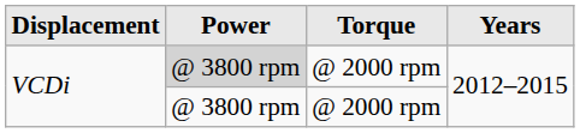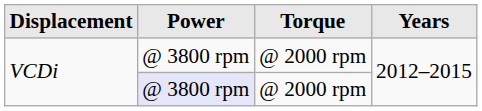 <table class="wikitable">
 <tr>
 <th style = "background:#e8e8e8;">Displacement</th>
 <th style = "background:#e8e8e8;">Power</th>
 <th style = "background:#e8e8e8;">Torque</th>
 <th style = "background:#e8e8e8;">Years</th>
 </tr>
 <tr>
 <td rowspan = "2"> <em>VCDi</em></td>
-<td style="background: lightgrey;"> @ 3800 rpm</td>
+<td> @ 3800 rpm</td>
 <td> @ 2000 rpm</td>
 <td rowspan = 2>2012–2015</td>
 </tr>
 <tr>
-<td> @ 3800 rpm</td>
+<td style="background: lavender;"> @ 3800 rpm</td>
 <td> @ 2000 rpm</td>
 </tr>
 </table>
